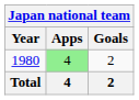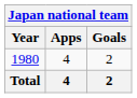 <table class="wikitable" style="text-align:center">
 <tr>
 <th colspan=3><a href='#'>Japan national team</a></th>
 </tr>
 <tr>
 <th>Year</th>
 <th>Apps</th>
 <th>Goals</th>
 </tr>
 <tr>
 <td><a href='#'>1980</a></td>
-<td style="background: lightgreen;">4</td>
+<td>4</td>
 <td>2</td>
 </tr>
 <tr>
 <th>Total</th>
 <th>4</th>
 <th>2</th>
 </tr>
 </table>
